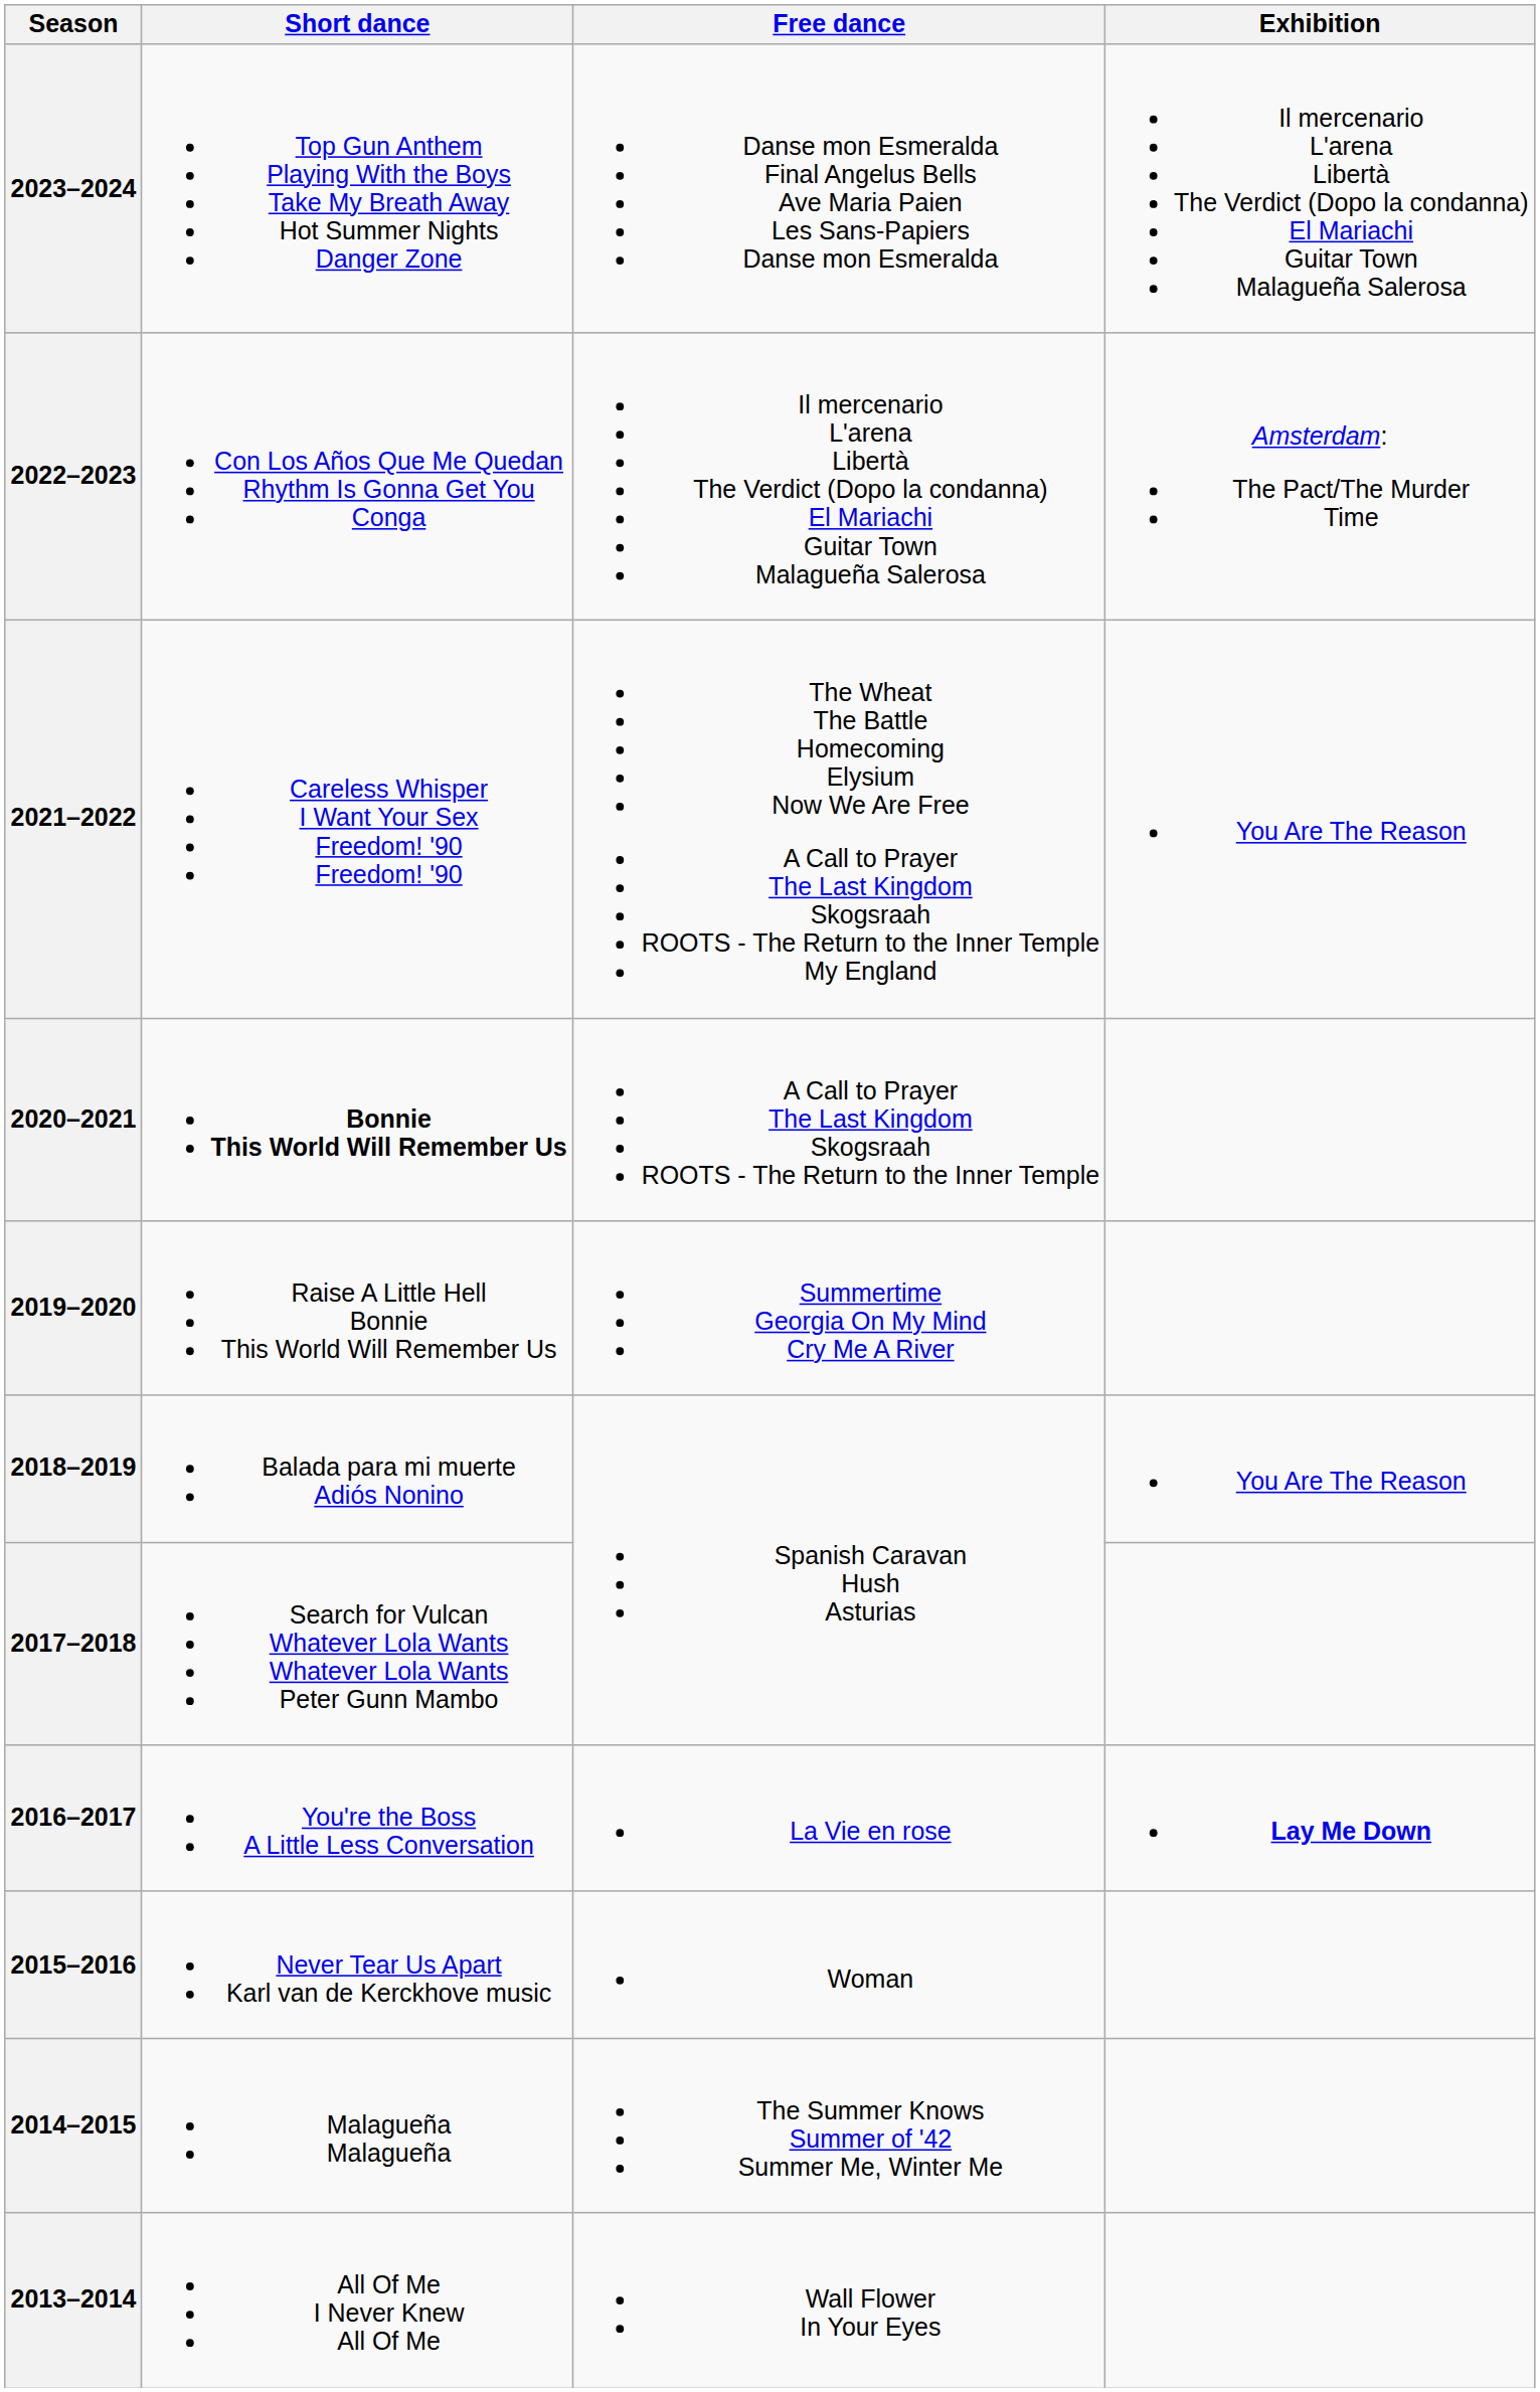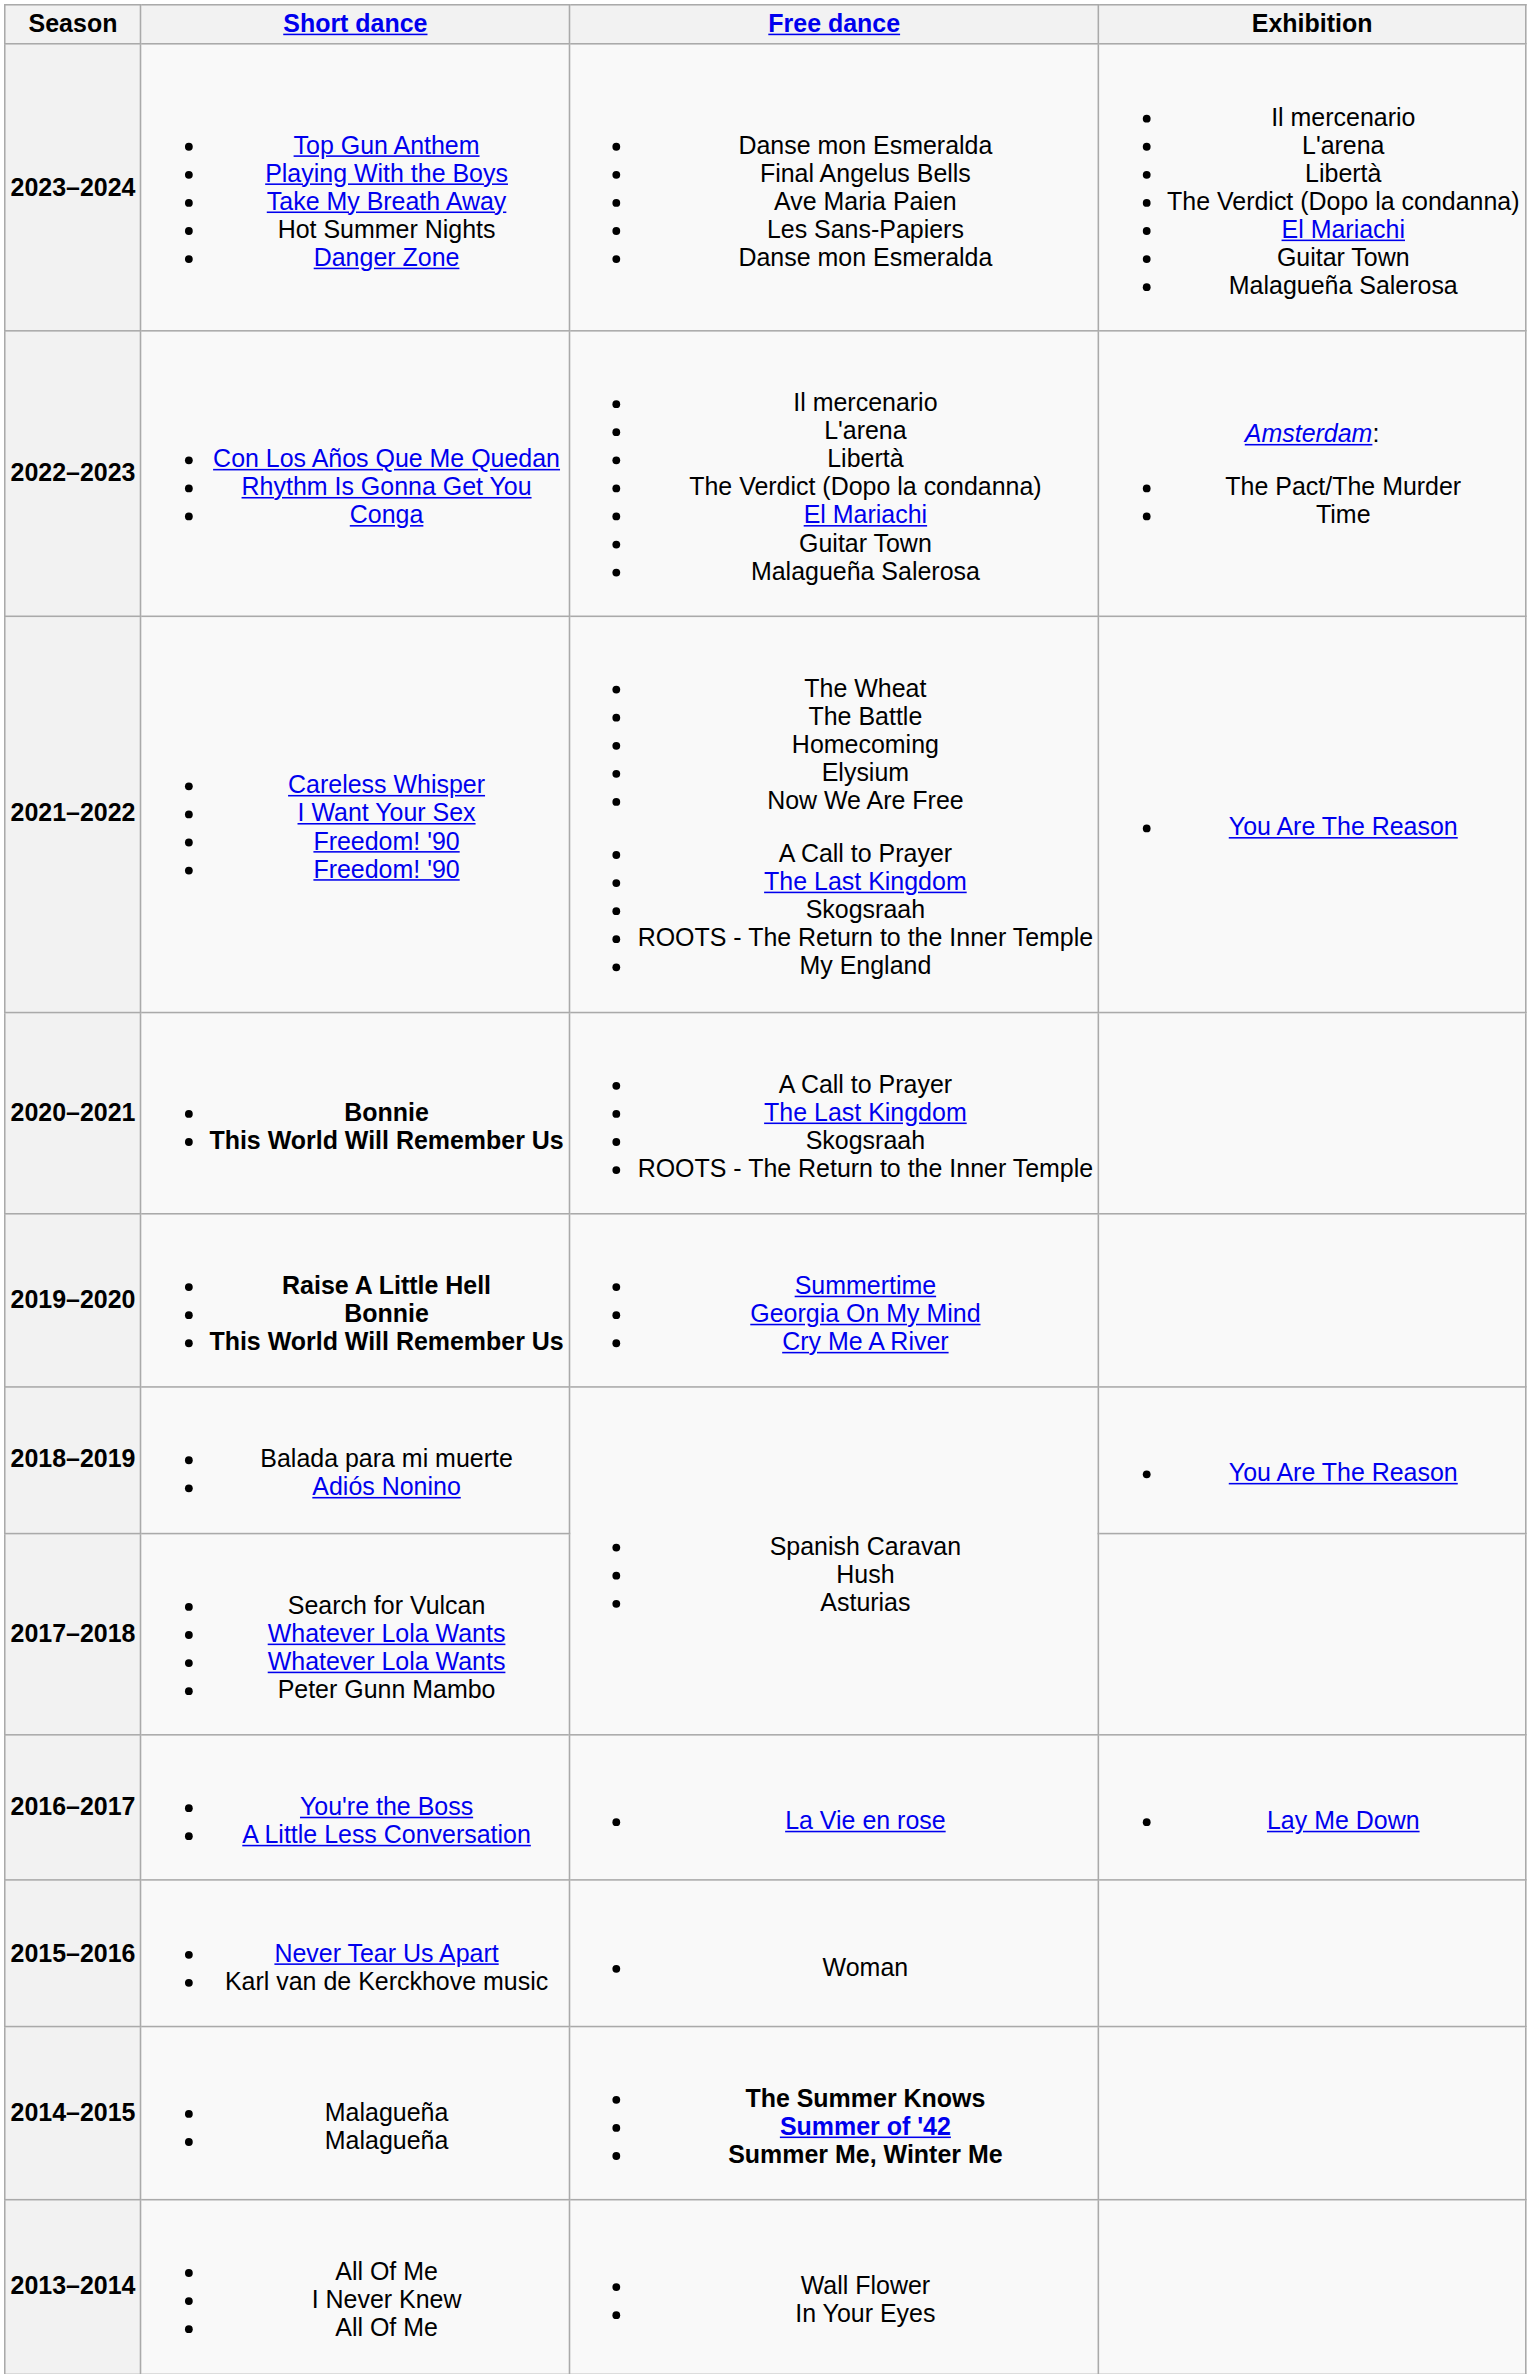 <table class=wikitable style=text-align:center>
 <tr>
 <th>Season</th>
 <th><a href='#'>Short dance</a></th>
 <th><a href='#'>Free dance</a></th>
 <th>Exhibition</th>
 </tr>
 <tr>
 <th>2023–2024 <br> </th>
 <td><br><ul><li><a href='#'>Top Gun Anthem</a> <br> </li><li><a href='#'>Playing With the Boys</a> <br> </li><li><a href='#'>Take My Breath Away</a> <br> </li><li>Hot Summer Nights <br> </li><li><a href='#'>Danger Zone</a> <br> </li></ul></td>
 <td><br><ul><li>Danse mon Esmeralda <br> </li><li>Final Angelus Bells <br> </li><li>Ave Maria Paien <br> </li><li>Les Sans-Papiers <br> </li><li>Danse mon Esmeralda <br> </li></ul></td>
 <td><br><ul><li>Il mercenario</li><li>L'arena</li><li>Libertà <br> </li><li>The Verdict (Dopo la condanna) <br></li><li><a href='#'>El Mariachi</a> <br> </li><li>Guitar Town <br></li><li>Malagueña Salerosa <br> </li></ul></td>
 </tr>
 <tr>
 <th>2022–2023 <br> </th>
 <td><br><ul><li> <a href='#'>Con Los Años Que Me Quedan</a></li><li> <a href='#'>Rhythm Is Gonna Get You</a></li><li> <a href='#'>Conga</a> </li></ul></td>
 <td><br><ul><li>Il mercenario</li><li>L'arena</li><li>Libertà <br> </li><li>The Verdict (Dopo la condanna) <br></li><li><a href='#'>El Mariachi</a> <br> </li><li>Guitar Town <br></li><li>Malagueña Salerosa <br> </li></ul></td>
 <td><br><em><a href='#'>Amsterdam</a></em>:<ul><li>The Pact/The Murder <br></li><li>Time <br></li></ul></td>
 </tr>
 <tr>
 <th>2021–2022 <br> </th>
 <td><br><ul><li> <a href='#'>Careless Whisper</a></li><li> <a href='#'>I Want Your Sex</a></li><li> <a href='#'>Freedom! '90</a> </li><li> <a href='#'>Freedom! '90</a> </li></ul></td>
 <td><br><ul><li>The Wheat</li><li>The Battle</li><li>Homecoming</li><li>Elysium</li><li>Now We Are Free <br> </li></ul><ul><li>A Call to Prayer <br></li><li><a href='#'>The Last Kingdom</a> <br></li><li>Skogsraah <br></li><li>ROOTS - The Return to the Inner Temple <br></li><li>My England <br> </li></ul></td>
 <td><br><ul><li><a href='#'>You Are The Reason</a> <br></li></ul></td>
 </tr>
 <tr>
 <th>2020–2021 <br> </th>
 <td><strong><br><ul><li> Bonnie</li><li> This World Will Remember Us <br></li></ul></strong></td>
 <td><br><ul><li>A Call to Prayer <br></li><li><a href='#'>The Last Kingdom</a> <br></li><li>Skogsraah <br></li><li>ROOTS - The Return to the Inner Temple <br></li></ul></td>
 <td></td>
 </tr>
 <tr>
 <th>2019–2020 <br> </th>
-<td><br><ul><li> Raise A Little Hell</li><li> Bonnie</li><li> This World Will Remember Us <br></li></ul></td>
+<td><strong><br><ul><li> Raise A Little Hell</li><li> Bonnie</li><li> This World Will Remember Us <br></li></ul></strong></td>
 <td><br><ul><li><a href='#'>Summertime</a> <br></li><li><a href='#'>Georgia On My Mind</a> <br></li><li><a href='#'>Cry Me A River</a> <br></li></ul></td>
 <td></td>
 </tr>
 <tr>
 <th>2018–2019 <br> </th>
 <td><br><ul><li> Balada para mi muerte <br></li><li> <a href='#'>Adiós Nonino</a> <br></li></ul></td>
 <td rowspan="2"><br><ul><li>Spanish Caravan <br></li><li>Hush <br></li><li>Asturias <br></li></ul></td>
 <td><br><ul><li><a href='#'>You Are The Reason</a> <br></li></ul></td>
 </tr>
 <tr>
 <th>2017–2018 <br> </th>
 <td><br><ul><li> Search for Vulcan <br></li><li> <a href='#'>Whatever Lola Wants</a> <br></li><li> <a href='#'>Whatever Lola Wants</a> <br></li><li> Peter Gunn Mambo <br></li></ul></td>
 <td></td>
 </tr>
 <tr>
 <th>2016–2017 <br> </th>
 <td><br><ul><li><a href='#'>You're the Boss</a> <br></li><li><a href='#'>A Little Less Conversation</a> <br></li></ul></td>
 <td><br><ul><li><a href='#'>La Vie en rose</a> <br></li></ul></td>
-<td><strong><br><ul><li><a href='#'>Lay Me Down</a><br></li></ul></strong></td>
+<td><br><ul><li><a href='#'>Lay Me Down</a><br></li></ul></td>
 </tr>
 <tr>
 <th>2015–2016 <br> </th>
 <td><br><ul><li> <a href='#'>Never Tear Us Apart</a> <br></li><li> Karl van de Kerckhove music</li></ul></td>
 <td><br><ul><li>Woman <br></li></ul></td>
 <td></td>
 </tr>
 <tr>
 <th>2014–2015 <br> </th>
 <td><br><ul><li> Malagueña <br></li><li> Malagueña <br></li></ul></td>
-<td><br><ul><li>The Summer Knows <br></li><li><a href='#'>Summer of '42</a> <br></li><li>Summer Me, Winter Me <br></li></ul></td>
+<td><strong><br><ul><li>The Summer Knows <br></li><li><a href='#'>Summer of '42</a> <br></li><li>Summer Me, Winter Me <br></li></ul></strong></td>
 <td></td>
 </tr>
 <tr>
 <th>2013–2014 <br> </th>
 <td><br><ul><li> All Of Me <br></li><li> I Never Knew <br></li><li> All Of Me <br></li></ul></td>
 <td><br><ul><li>Wall Flower <br></li><li>In Your Eyes <br></li></ul></td>
 <td></td>
 </tr>
 </table>
